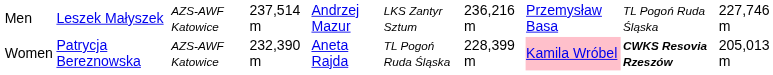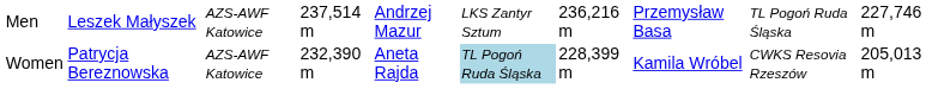 <table>
 <tr>
 <td>Men</td>
 <td><a href='#'>Leszek Małyszek</a></td>
 <td><small><em>AZS-AWF Katowice</em></small></td>
 <td>237,514 m</td>
 <td><a href='#'>Andrzej Mazur</a></td>
 <td><small><em>LKS Zantyr Sztum</em></small></td>
 <td>236,216 m</td>
 <td><a href='#'>Przemysław Basa</a></td>
 <td><small><em>TL Pogoń Ruda Śląska</em></small></td>
 <td>227,746 m</td>
 </tr>
 <tr>
 <td>Women</td>
 <td><a href='#'>Patrycja Bereznowska</a></td>
 <td><small><em>AZS-AWF Katowice</em></small></td>
 <td>232,390 m</td>
 <td><a href='#'>Aneta Rajda</a></td>
-<td><small><em>TL Pogoń Ruda Śląska</em></small></td>
+<td style="background: lightblue;"><small><em>TL Pogoń Ruda Śląska</em></small></td>
 <td>228,399 m</td>
-<td style="background: pink;"><a href='#'>Kamila Wróbel</a></td>
-<td><strong><small><em>CWKS Resovia Rzeszów</em></small></strong></td>
+<td><a href='#'>Kamila Wróbel</a></td>
+<td><small><em>CWKS Resovia Rzeszów</em></small></td>
 <td>205,013 m</td>
 </tr>
 </table>
